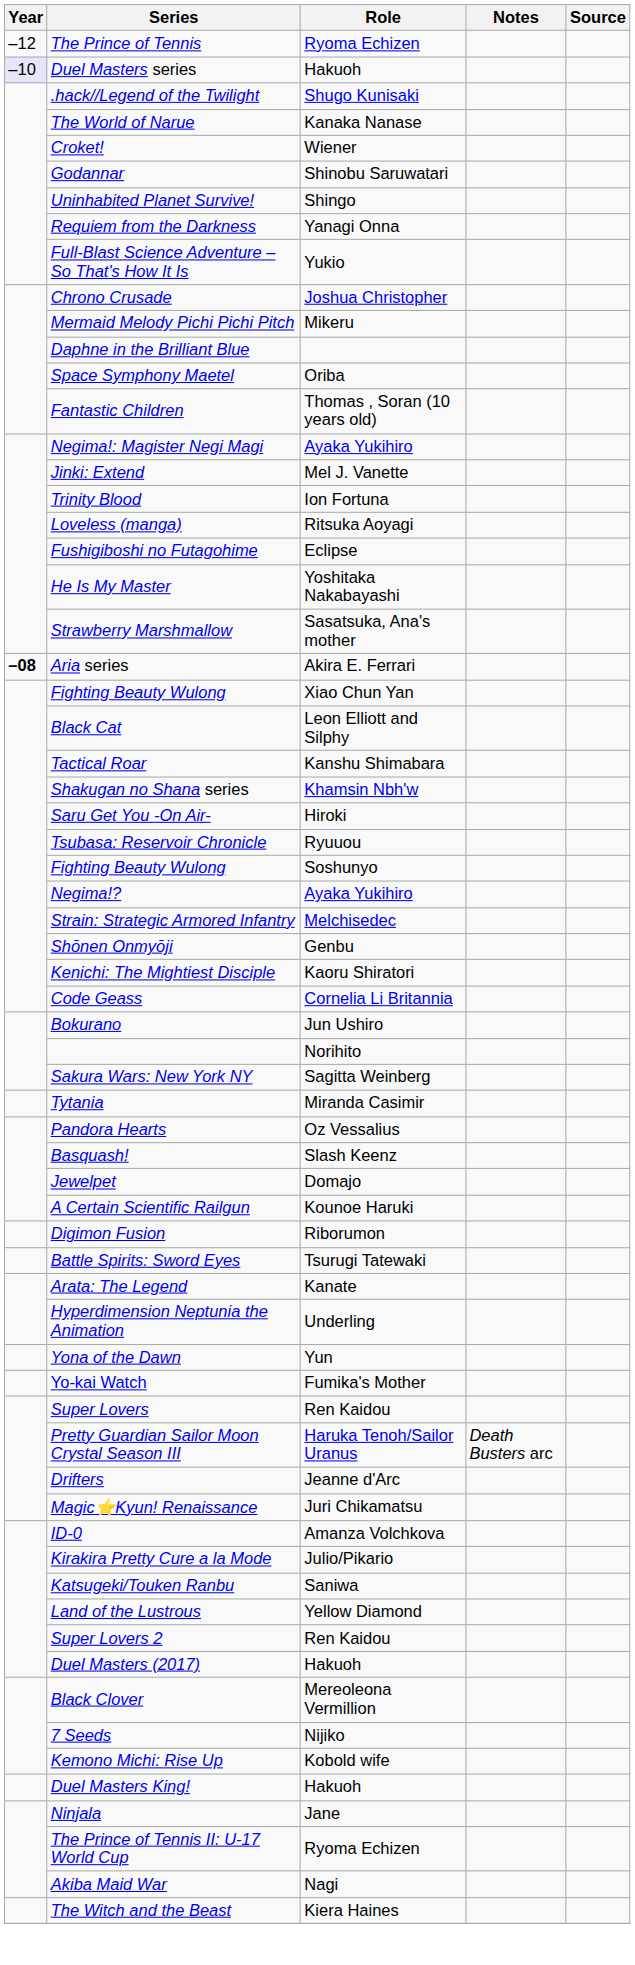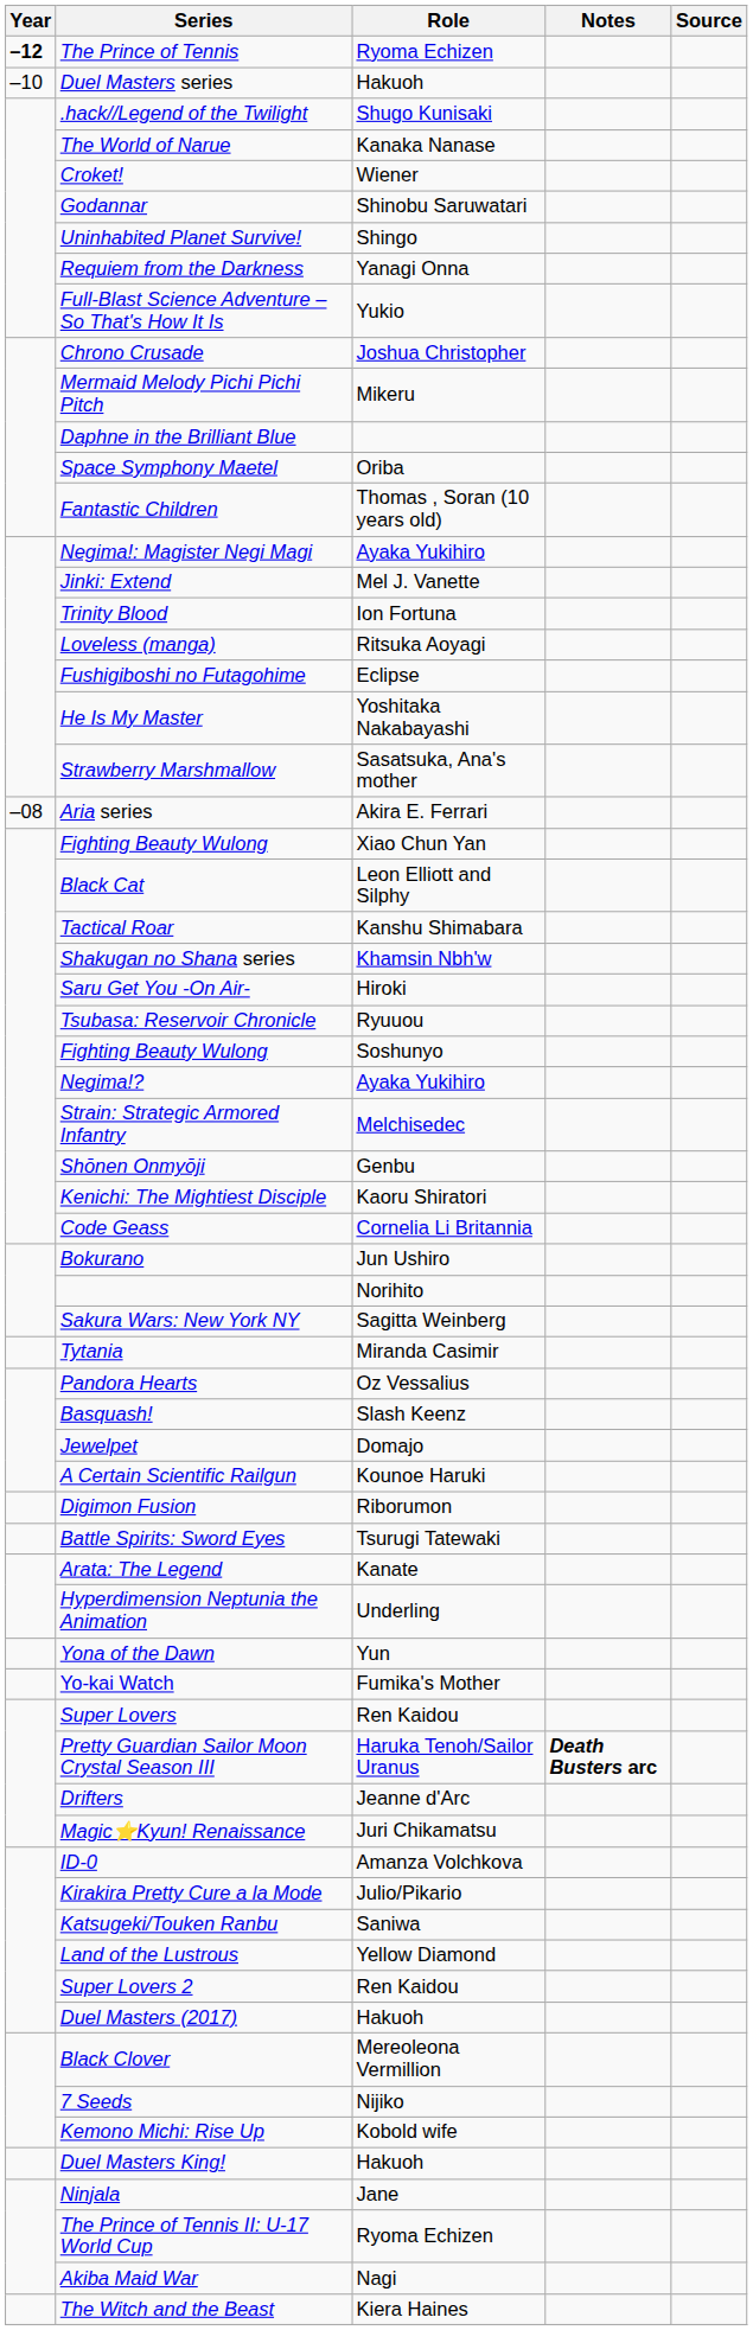 <table class="wikitable sortable plainrowheaders">
 <tr>
 <th>Year</th>
 <th>Series</th>
 <th>Role</th>
 <th class="unsortable">Notes</th>
 <th class="unsortable">Source</th>
 </tr>
 <tr>
-<td>–12</td>
+<td><strong>–12</strong></td>
 <td><em><a href='#'>The Prince of Tennis</a></em></td>
 <td><a href='#'>Ryoma Echizen</a></td>
 <td></td>
 <td></td>
 </tr>
 <tr>
-<td style="background: lavender;">–10</td>
+<td>–10</td>
 <td><em><a href='#'>Duel Masters</a></em> series</td>
 <td>Hakuoh</td>
 <td></td>
 <td></td>
 </tr>
 <tr>
 <td rowspan="7"></td>
 <td><em><a href='#'>.hack//Legend of the Twilight</a></em></td>
 <td><a href='#'>Shugo Kunisaki</a></td>
 <td></td>
 <td></td>
 </tr>
 <tr>
 <td><em><a href='#'>The World of Narue</a></em></td>
 <td>Kanaka Nanase</td>
 <td></td>
 <td></td>
 </tr>
 <tr>
 <td><em><a href='#'>Croket!</a></em></td>
 <td>Wiener </td>
 <td></td>
 <td></td>
 </tr>
 <tr>
 <td><em><a href='#'>Godannar</a></em></td>
 <td>Shinobu Saruwatari</td>
 <td></td>
 <td></td>
 </tr>
 <tr>
 <td><em><a href='#'>Uninhabited Planet Survive!</a></em></td>
 <td>Shingo</td>
 <td></td>
 <td></td>
 </tr>
 <tr>
 <td><em><a href='#'>Requiem from the Darkness</a></em></td>
 <td>Yanagi Onna</td>
 <td></td>
 <td></td>
 </tr>
 <tr>
 <td><em><a href='#'>Full-Blast Science Adventure – So That's How It Is</a></em></td>
 <td>Yukio</td>
 <td></td>
 <td></td>
 </tr>
 <tr>
 <td rowspan="5"></td>
 <td><em><a href='#'>Chrono Crusade</a></em></td>
 <td><a href='#'>Joshua Christopher</a></td>
 <td></td>
 <td></td>
 </tr>
 <tr>
 <td><em><a href='#'>Mermaid Melody Pichi Pichi Pitch</a></em></td>
 <td>Mikeru</td>
 <td></td>
 <td></td>
 </tr>
 <tr>
 <td><em><a href='#'>Daphne in the Brilliant Blue</a></em></td>
 <td></td>
 <td></td>
 <td></td>
 </tr>
 <tr>
 <td><em> <a href='#'>Space Symphony Maetel</a></em></td>
 <td>Oriba</td>
 <td></td>
 <td></td>
 </tr>
 <tr>
 <td><em><a href='#'>Fantastic Children</a></em></td>
 <td>Thomas , Soran (10 years old)</td>
 <td></td>
 <td></td>
 </tr>
 <tr>
 <td rowspan="7"></td>
 <td><em><a href='#'>Negima!: Magister Negi Magi</a></em></td>
 <td><a href='#'>Ayaka Yukihiro</a></td>
 <td></td>
 <td></td>
 </tr>
 <tr>
 <td><em><a href='#'>Jinki: Extend</a></em></td>
 <td>Mel J. Vanette</td>
 <td></td>
 <td></td>
 </tr>
 <tr>
 <td><em><a href='#'>Trinity Blood</a></em></td>
 <td>Ion Fortuna</td>
 <td></td>
 <td></td>
 </tr>
 <tr>
 <td><em><a href='#'>Loveless (manga)</a></em></td>
 <td>Ritsuka Aoyagi</td>
 <td></td>
 <td></td>
 </tr>
 <tr>
 <td><em><a href='#'>Fushigiboshi no Futagohime</a></em></td>
 <td>Eclipse</td>
 <td></td>
 <td></td>
 </tr>
 <tr>
 <td><em><a href='#'>He Is My Master</a></em></td>
 <td>Yoshitaka Nakabayashi</td>
 <td></td>
 <td></td>
 </tr>
 <tr>
 <td><em><a href='#'>Strawberry Marshmallow</a></em></td>
 <td>Sasatsuka, Ana's mother</td>
 <td></td>
 <td></td>
 </tr>
 <tr>
-<td><strong>–08</strong></td>
+<td>–08</td>
 <td><em><a href='#'>Aria</a></em> series</td>
 <td>Akira E. Ferrari</td>
 <td></td>
 <td></td>
 </tr>
 <tr>
 <td rowspan="12"></td>
 <td><em><a href='#'>Fighting Beauty Wulong</a></em></td>
 <td>Xiao Chun Yan </td>
 <td></td>
 <td></td>
 </tr>
 <tr>
 <td><em><a href='#'>Black Cat</a></em></td>
 <td>Leon Elliott and Silphy</td>
 <td></td>
 <td></td>
 </tr>
 <tr>
 <td><em><a href='#'>Tactical Roar</a></em></td>
 <td>Kanshu Shimabara </td>
 <td></td>
 <td></td>
 </tr>
 <tr>
 <td><em><a href='#'>Shakugan no Shana</a></em> series</td>
 <td><a href='#'>Khamsin Nbh'w</a></td>
 <td></td>
 <td></td>
 </tr>
 <tr>
 <td><em><a href='#'>Saru Get You -On Air-</a></em></td>
 <td>Hiroki</td>
 <td></td>
 <td></td>
 </tr>
 <tr>
 <td><em><a href='#'>Tsubasa: Reservoir Chronicle</a></em></td>
 <td>Ryuuou</td>
 <td></td>
 <td></td>
 </tr>
 <tr>
 <td><em><a href='#'>Fighting Beauty Wulong</a></em></td>
 <td>Soshunyo </td>
 <td></td>
 <td></td>
 </tr>
 <tr>
 <td><em><a href='#'>Negima!?</a></em></td>
 <td><a href='#'>Ayaka Yukihiro</a></td>
 <td></td>
 <td></td>
 </tr>
 <tr>
 <td><em><a href='#'>Strain: Strategic Armored Infantry</a></em></td>
 <td><a href='#'>Melchisedec</a></td>
 <td></td>
 <td></td>
 </tr>
 <tr>
 <td><em><a href='#'>Shōnen Onmyōji</a></em></td>
 <td>Genbu</td>
 <td></td>
 <td></td>
 </tr>
 <tr>
 <td><em><a href='#'>Kenichi: The Mightiest Disciple</a></em></td>
 <td>Kaoru Shiratori</td>
 <td></td>
 <td></td>
 </tr>
 <tr>
 <td><em><a href='#'>Code Geass</a></em></td>
 <td><a href='#'>Cornelia Li Britannia</a></td>
 <td></td>
 <td></td>
 </tr>
 <tr>
 <td rowspan="3"></td>
 <td><em><a href='#'>Bokurano</a></em></td>
 <td>Jun Ushiro</td>
 <td></td>
 <td></td>
 </tr>
 <tr>
 <td></td>
 <td>Norihito</td>
 <td></td>
 <td></td>
 </tr>
 <tr>
 <td><em><a href='#'>Sakura Wars: New York NY</a></em></td>
 <td>Sagitta Weinberg</td>
 <td></td>
 <td></td>
 </tr>
 <tr>
 <td></td>
 <td><em><a href='#'>Tytania</a></em></td>
 <td>Miranda Casimir</td>
 <td></td>
 <td></td>
 </tr>
 <tr>
 <td rowspan="4"></td>
 <td><em><a href='#'>Pandora Hearts</a></em></td>
 <td>Oz Vessalius</td>
 <td></td>
 <td></td>
 </tr>
 <tr>
 <td><em><a href='#'>Basquash!</a></em></td>
 <td>Slash Keenz</td>
 <td></td>
 <td></td>
 </tr>
 <tr>
 <td><em><a href='#'>Jewelpet</a></em></td>
 <td>Domajo</td>
 <td></td>
 <td></td>
 </tr>
 <tr>
 <td><em><a href='#'>A Certain Scientific Railgun</a></em></td>
 <td>Kounoe Haruki</td>
 <td></td>
 <td></td>
 </tr>
 <tr>
 <td></td>
 <td><em><a href='#'>Digimon Fusion</a></em></td>
 <td>Riborumon</td>
 <td></td>
 <td></td>
 </tr>
 <tr>
 <td></td>
 <td><em><a href='#'>Battle Spirits: Sword Eyes</a></em></td>
 <td>Tsurugi Tatewaki</td>
 <td></td>
 <td></td>
 </tr>
 <tr>
 <td rowspan="2"></td>
 <td><em><a href='#'>Arata: The Legend</a></em></td>
 <td>Kanate</td>
 <td></td>
 <td></td>
 </tr>
 <tr>
 <td><em><a href='#'>Hyperdimension Neptunia the Animation</a></em></td>
 <td>Underling</td>
 <td></td>
 <td></td>
 </tr>
 <tr>
 <td></td>
 <td><em><a href='#'>Yona of the Dawn</a></em></td>
 <td>Yun</td>
 <td></td>
 <td></td>
 </tr>
 <tr>
 <td></td>
 <td><a href='#'>Yo-kai Watch</a></td>
 <td>Fumika's Mother</td>
 <td></td>
 <td></td>
 </tr>
 <tr>
 <td rowspan="4"></td>
 <td><em><a href='#'>Super Lovers</a></em></td>
 <td>Ren Kaidou</td>
 <td></td>
 <td></td>
 </tr>
 <tr>
 <td><em><a href='#'>Pretty Guardian Sailor Moon Crystal Season III</a></em></td>
 <td><a href='#'>Haruka Tenoh/Sailor Uranus</a></td>
-<td><em>Death Busters</em> arc</td>
+<td><strong><em>Death Busters</em> arc</strong></td>
 <td></td>
 </tr>
 <tr>
 <td><em><a href='#'>Drifters</a></em></td>
 <td>Jeanne d'Arc</td>
 <td></td>
 <td></td>
 </tr>
 <tr>
 <td><em><a href='#'>Magic⭐Kyun! Renaissance</a></em></td>
 <td>Juri Chikamatsu</td>
 <td></td>
 <td></td>
 </tr>
 <tr>
 <td rowspan="6"></td>
 <td><em><a href='#'>ID-0</a></em></td>
 <td>Amanza Volchkova</td>
 <td></td>
 <td></td>
 </tr>
 <tr>
 <td><em><a href='#'>Kirakira Pretty Cure a la Mode</a></em></td>
 <td>Julio/Pikario</td>
 <td></td>
 <td></td>
 </tr>
 <tr>
 <td><em><a href='#'>Katsugeki/Touken Ranbu</a></em></td>
 <td>Saniwa</td>
 <td></td>
 <td></td>
 </tr>
 <tr>
 <td><em><a href='#'>Land of the Lustrous</a></em></td>
 <td>Yellow Diamond</td>
 <td></td>
 <td></td>
 </tr>
 <tr>
 <td><em><a href='#'>Super Lovers 2</a></em></td>
 <td>Ren Kaidou</td>
 <td></td>
 <td></td>
 </tr>
 <tr>
 <td><em><a href='#'>Duel Masters (2017)</a></em></td>
 <td>Hakuoh</td>
 <td></td>
 <td></td>
 </tr>
 <tr>
 <td rowspan="3"></td>
 <td><em><a href='#'>Black Clover</a></em></td>
 <td>Mereoleona Vermillion</td>
 <td></td>
 <td></td>
 </tr>
 <tr>
 <td><em><a href='#'>7 Seeds</a></em></td>
 <td>Nijiko</td>
 <td></td>
 <td></td>
 </tr>
 <tr>
 <td><em><a href='#'>Kemono Michi: Rise Up</a></em></td>
 <td>Kobold wife</td>
 <td></td>
 <td></td>
 </tr>
 <tr>
 <td></td>
 <td><em><a href='#'>Duel Masters King!</a></em></td>
 <td>Hakuoh</td>
 <td></td>
 <td></td>
 </tr>
 <tr>
 <td rowspan="3"></td>
 <td><em><a href='#'>Ninjala</a></em></td>
 <td>Jane</td>
 <td></td>
 <td></td>
 </tr>
 <tr>
 <td><em><a href='#'>The Prince of Tennis II: U-17 World Cup</a></em></td>
 <td>Ryoma Echizen</td>
 <td></td>
 <td></td>
 </tr>
 <tr>
 <td><em><a href='#'>Akiba Maid War</a></em></td>
 <td>Nagi</td>
 <td></td>
 <td></td>
 </tr>
 <tr>
 <td rowspan="1"></td>
 <td><em><a href='#'>The Witch and the Beast</a></em></td>
 <td>Kiera Haines</td>
 <td></td>
 <td></td>
 </tr>
 <tr>
 </tr>
 </table>
